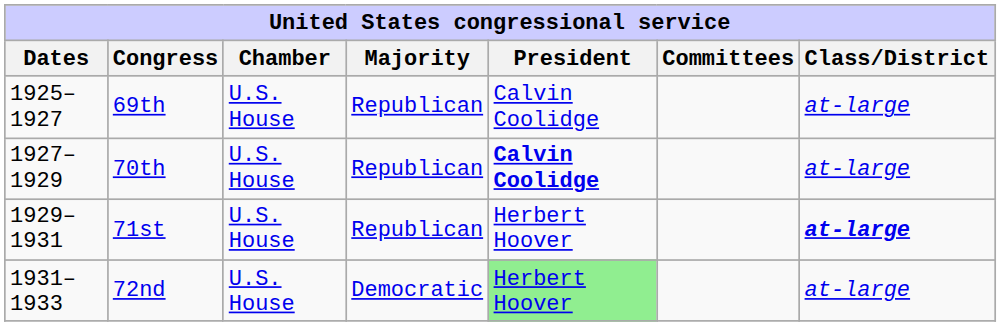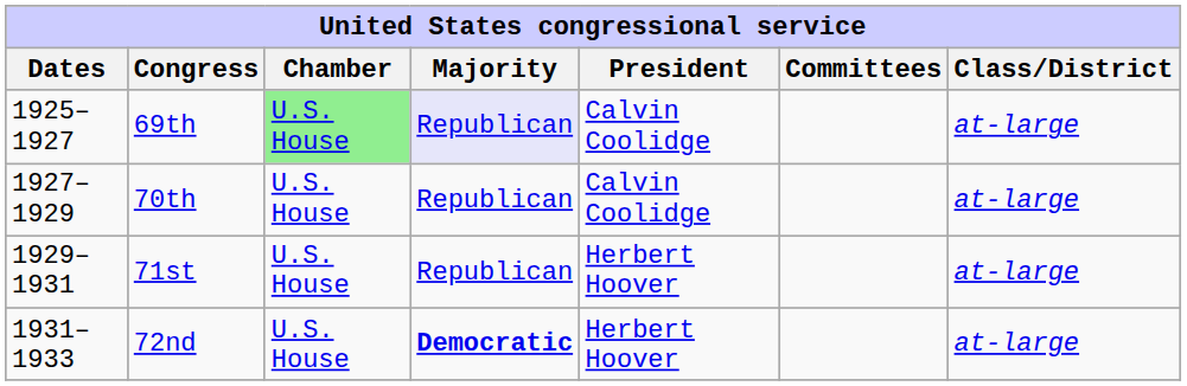 <table class=wikitable style="width: 94%" style="text-align: center;" align="center">
 <tr bgcolor=#cccccc>
 <th colspan=7 style="background: #ccccff;">United States congressional service</th>
 </tr>
 <tr>
 <th><strong>Dates</strong></th>
 <th><strong>Congress</strong></th>
 <th><strong>Chamber</strong></th>
 <th><strong>Majority</strong></th>
 <th><strong>President</strong></th>
 <th><strong>Committees</strong></th>
 <th><strong>Class/District</strong></th>
 </tr>
 <tr>
 <td>1925–1927</td>
 <td><a href='#'>69th</a></td>
-<td><a href='#'>U.S. House</a></td>
-<td><a href='#'>Republican</a></td>
+<td style="background: lightgreen;"><a href='#'>U.S. House</a></td>
+<td style="background: lavender;"><a href='#'>Republican</a></td>
 <td><a href='#'>Calvin Coolidge</a></td>
 <td></td>
 <td><a href='#'><em>at-large</em></a></td>
 </tr>
 <tr>
 <td>1927–1929</td>
 <td><a href='#'>70th</a></td>
 <td><a href='#'>U.S. House</a></td>
 <td><a href='#'>Republican</a></td>
-<td><strong><a href='#'>Calvin Coolidge</a></strong></td>
+<td><a href='#'>Calvin Coolidge</a></td>
 <td></td>
 <td><a href='#'><em>at-large</em></a></td>
 </tr>
 <tr>
 <td>1929–1931</td>
 <td><a href='#'>71st</a></td>
 <td><a href='#'>U.S. House</a></td>
 <td><a href='#'>Republican</a></td>
 <td><a href='#'>Herbert Hoover</a></td>
 <td></td>
-<td><strong><a href='#'><em>at-large</em></a></strong></td>
+<td><a href='#'><em>at-large</em></a></td>
 </tr>
 <tr>
 <td>1931–1933</td>
 <td><a href='#'>72nd</a></td>
 <td><a href='#'>U.S. House</a></td>
-<td><a href='#'>Democratic</a></td>
-<td style="background: lightgreen;"><a href='#'>Herbert Hoover</a></td>
+<td><strong><a href='#'>Democratic</a></strong></td>
+<td><a href='#'>Herbert Hoover</a></td>
 <td></td>
 <td><a href='#'><em>at-large</em></a></td>
 </tr>
 </table>
